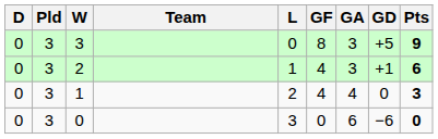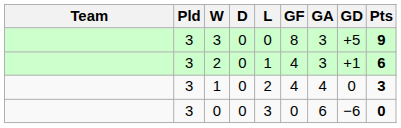 <table class="wikitable" style="text-align:center;">
 <tr>
-<th width=20 abbr="Drawn">D</th>
+<th width=175>Team</th>
 <th width=20 abbr="Played">Pld</th>
 <th width=20 abbr="Won">W</th>
-<th width=175>Team</th>
+<th width=20 abbr="Drawn">D</th>
 <th width=20 abbr="Lost">L</th>
 <th width=20 abbr="Goals for">GF</th>
 <th width=20 abbr="Goals against">GA</th>
 <th width=20 abbr="Goal difference">GD</th>
 <th width=20 abbr="Points">Pts</th>
 </tr>
 <tr ---- align="center" bgcolor="ccffcc">
-<td>0</td>
+<td align="left"></td>
 <td>3</td>
 <td>3</td>
-<td align="left"></td>
+<td>0</td>
 <td>0</td>
 <td>8</td>
 <td>3</td>
 <td>+5</td>
 <td><strong>9</strong></td>
 </tr>
 <tr ---- align="center" bgcolor="ccffcc">
-<td>0</td>
+<td align="left"></td>
 <td>3</td>
 <td>2</td>
-<td align="left"></td>
+<td>0</td>
 <td>1</td>
 <td>4</td>
 <td>3</td>
 <td>+1</td>
 <td><strong>6</strong></td>
 </tr>
 <tr ---- align="center">
-<td>0</td>
+<td align="left"></td>
 <td>3</td>
 <td>1</td>
-<td align="left"></td>
+<td>0</td>
 <td>2</td>
 <td>4</td>
 <td>4</td>
 <td>0</td>
 <td><strong>3</strong></td>
 </tr>
 <tr ---- align="center">
-<td>0</td>
+<td align="left"></td>
 <td>3</td>
 <td>0</td>
-<td align="left"></td>
+<td>0</td>
 <td>3</td>
 <td>0</td>
 <td>6</td>
 <td>−6</td>
 <td><strong>0</strong></td>
 </tr>
 </table>
